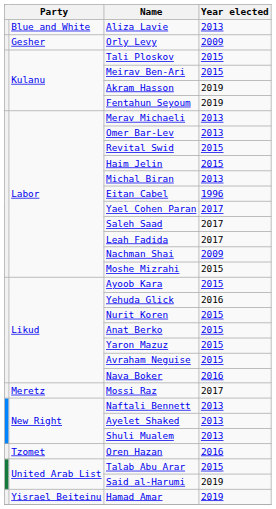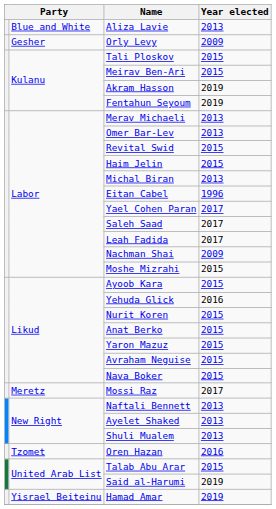 <table class="wikitable sortable" style="font-size: 95%;">
 <tr>
 <th colspan=2>Party</th>
 <th>Name</th>
 <th>Year elected</th>
 </tr>
 <tr>
 <th rowspan=1 style="background-color: "></th>
 <td rowspan=1><a href='#'>Blue and White</a></td>
 <td><a href='#'>Aliza Lavie</a></td>
 <td><a href='#'>2013</a></td>
 </tr>
 <tr>
 <th rowspan=1 style="background-color: "></th>
 <td rowspan=1><a href='#'>Gesher</a></td>
 <td><a href='#'>Orly Levy</a></td>
 <td><a href='#'>2009</a></td>
 </tr>
 <tr>
 <th rowspan=4 style="background-color: "></th>
 <td rowspan=4><a href='#'>Kulanu</a></td>
 <td><a href='#'>Tali Ploskov</a></td>
 <td><a href='#'>2015</a></td>
 </tr>
 <tr>
 <td><a href='#'>Meirav Ben-Ari</a></td>
 <td><a href='#'>2015</a></td>
 </tr>
 <tr>
 <td><a href='#'>Akram Hasson</a></td>
 <td>2019</td>
 </tr>
 <tr>
 <td><a href='#'>Fentahun Seyoum</a></td>
 <td>2019</td>
 </tr>
 <tr>
 <th rowspan=11 style="background-color: "></th>
 <td rowspan=11><a href='#'>Labor</a></td>
 <td><a href='#'>Merav Michaeli</a></td>
 <td><a href='#'>2013</a></td>
 </tr>
 <tr>
 <td><a href='#'>Omer Bar-Lev</a></td>
 <td><a href='#'>2013</a></td>
 </tr>
 <tr>
 <td><a href='#'>Revital Swid</a></td>
 <td><a href='#'>2015</a></td>
 </tr>
 <tr>
 <td><a href='#'>Haim Jelin</a></td>
 <td><a href='#'>2015</a></td>
 </tr>
 <tr>
 <td><a href='#'>Michal Biran</a></td>
 <td><a href='#'>2013</a></td>
 </tr>
 <tr>
 <td><a href='#'>Eitan Cabel</a></td>
 <td><a href='#'>1996</a></td>
 </tr>
 <tr>
 <td><a href='#'>Yael Cohen Paran</a></td>
 <td><a href='#'>2017</a></td>
 </tr>
 <tr>
 <td><a href='#'>Saleh Saad</a></td>
 <td>2017</td>
 </tr>
 <tr>
 <td><a href='#'>Leah Fadida</a></td>
 <td>2017</td>
 </tr>
 <tr>
 <td><a href='#'>Nachman Shai</a></td>
 <td><a href='#'>2009</a></td>
 </tr>
 <tr>
 <td><a href='#'>Moshe Mizrahi</a></td>
 <td>2015</td>
 </tr>
 <tr>
 <th rowspan=7 style="background-color: "></th>
 <td rowspan=7><a href='#'>Likud</a></td>
 <td><a href='#'>Ayoob Kara</a></td>
 <td><a href='#'>2015</a></td>
 </tr>
 <tr>
 <td><a href='#'>Yehuda Glick</a></td>
 <td>2016</td>
 </tr>
 <tr>
 <td><a href='#'>Nurit Koren</a></td>
 <td><a href='#'>2015</a></td>
 </tr>
 <tr>
 <td><a href='#'>Anat Berko</a></td>
 <td><a href='#'>2015</a></td>
 </tr>
 <tr>
 <td><a href='#'>Yaron Mazuz</a></td>
 <td><a href='#'>2015</a></td>
 </tr>
 <tr>
 <td><a href='#'>Avraham Neguise</a></td>
 <td><a href='#'>2015</a></td>
 </tr>
 <tr>
 <td><a href='#'>Nava Boker</a></td>
-<td><a href='#'>2016</a></td>
+<td><a href='#'>2015</a></td>
 </tr>
 <tr>
 <th rowspan=1 style="background-color: "></th>
 <td rowspan=1><a href='#'>Meretz</a></td>
 <td><a href='#'>Mossi Raz</a></td>
 <td>2017</td>
 </tr>
 <tr>
 <th rowspan=3 style="background-color: #0085FF"></th>
 <td rowspan=3><a href='#'>New Right</a></td>
 <td><a href='#'>Naftali Bennett</a></td>
 <td><a href='#'>2013</a></td>
 </tr>
 <tr>
 <td><a href='#'>Ayelet Shaked</a></td>
 <td><a href='#'>2013</a></td>
 </tr>
 <tr>
 <td><a href='#'>Shuli Mualem</a></td>
 <td><a href='#'>2013</a></td>
 </tr>
 <tr>
 <th style="background-color: "></th>
 <td><a href='#'>Tzomet</a></td>
 <td><a href='#'>Oren Hazan</a></td>
 <td><a href='#'>2016</a></td>
 </tr>
 <tr>
 <th rowspan=2 style="background-color: #15793D"></th>
 <td rowspan=2><a href='#'>United Arab List</a></td>
 <td><a href='#'>Talab Abu Arar</a></td>
 <td><a href='#'>2015</a></td>
 </tr>
 <tr>
 <td><a href='#'>Said al-Harumi</a></td>
 <td>2019</td>
 </tr>
 <tr>
 <th rowspan=1 style="background-color: "></th>
 <td rowspan=1><a href='#'>Yisrael Beiteinu</a></td>
 <td><a href='#'>Hamad Amar</a></td>
 <td><a href='#'>2019</a></td>
 </tr>
 <tr>
 </tr>
 </table>
